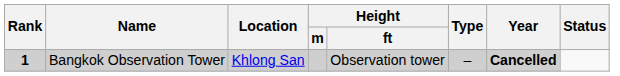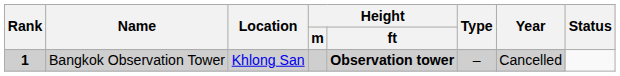 <table class="wikitable sortable mw-datatable static-row-numbers" style="text-align:center; font-size:90%">
 <tr style="background:#f9ecb6;">
 <th rowspan="2">Rank</th>
 <th rowspan="2"class="unsortable">Name</th>
 <th rowspan="2">Location</th>
 <th colspan="2">Height</th>
 <th rowspan="2">Type</th>
 <th rowspan="2">Year</th>
 <th rowspan="2">Status</th>
 </tr>
 <tr>
 <th>m</th>
 <th>ft</th>
 </tr>
 <tr style="background:#cfcfcf;">
 <td><strong>1</strong></td>
 <td>Bangkok Observation Tower</td>
 <td><a href='#'>Khlong San</a></td>
 <td></td>
-<td>Observation tower</td>
+<td><strong>Observation tower</strong></td>
 <td>–</td>
-<td><strong>Cancelled</strong></td>
+<td>Cancelled</td>
 </tr>
 </table>
